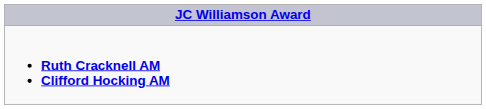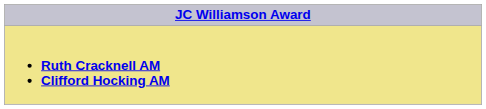 <table class=wikitable width="45%" border="1" cellpadding="5" cellspacing="0" align="centre">
 <tr>
 <th style="background:#C4C3D0;width:50%"><a href='#'>JC Williamson Award</a></th>
 </tr>
 <tr>
-<td valign="top"><br><ul><li><strong><a href='#'>Ruth Cracknell AM</a></strong></li><li><strong><a href='#'>Clifford Hocking AM</a></strong></li></ul></td>
+<td valign="top" style="background: khaki;"><br><ul><li><strong><a href='#'>Ruth Cracknell AM</a></strong></li><li><strong><a href='#'>Clifford Hocking AM</a></strong></li></ul></td>
 </tr>
 </table>
